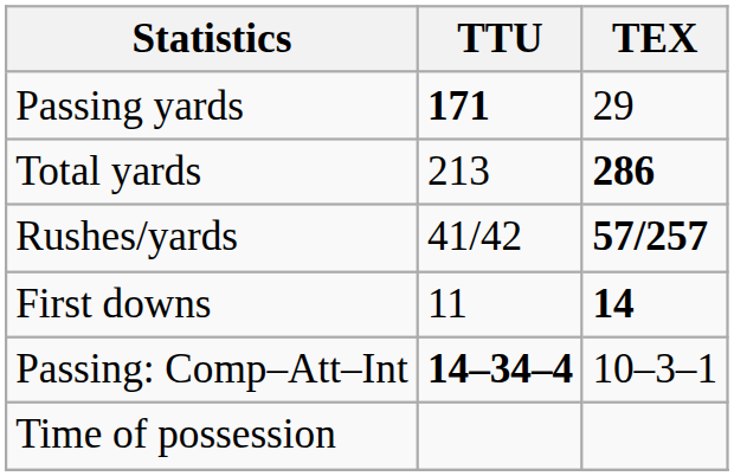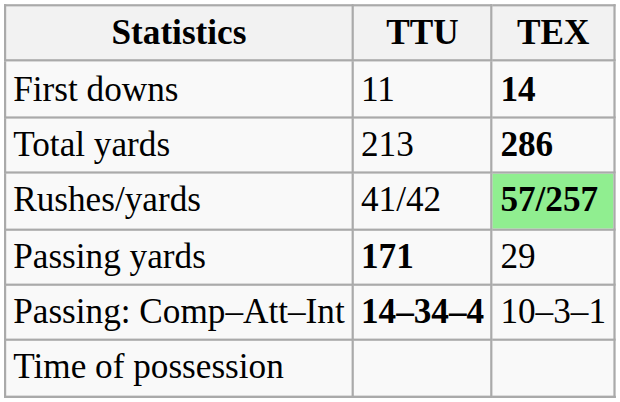 <table class="wikitable" style="float: left;">
 <tr>
 <th>Statistics</th>
 <th>TTU</th>
 <th>TEX</th>
 </tr>
 <tr>
-<td>Passing yards</td>
-<td><strong>171</strong></td>
-<td>29</td>
+<td>First downs</td>
+<td>11</td>
+<td><strong>14</strong></td>
 </tr>
 <tr>
 <td>Total yards</td>
 <td>213</td>
 <td><strong>286</strong></td>
 </tr>
 <tr>
 <td>Rushes/yards</td>
 <td>41/42</td>
-<td><strong>57/257</strong></td>
+<td style="background: lightgreen;"><strong>57/257</strong></td>
 </tr>
 <tr>
-<td>First downs</td>
-<td>11</td>
-<td><strong>14</strong></td>
+<td>Passing yards</td>
+<td><strong>171</strong></td>
+<td>29</td>
 </tr>
 <tr>
 <td>Passing: Comp–Att–Int</td>
 <td><strong>14–34–4</strong></td>
 <td>10–3–1</td>
 </tr>
 <tr>
 <td>Time of possession</td>
 <td></td>
 <td></td>
 </tr>
 <tr>
 </tr>
 </table>
